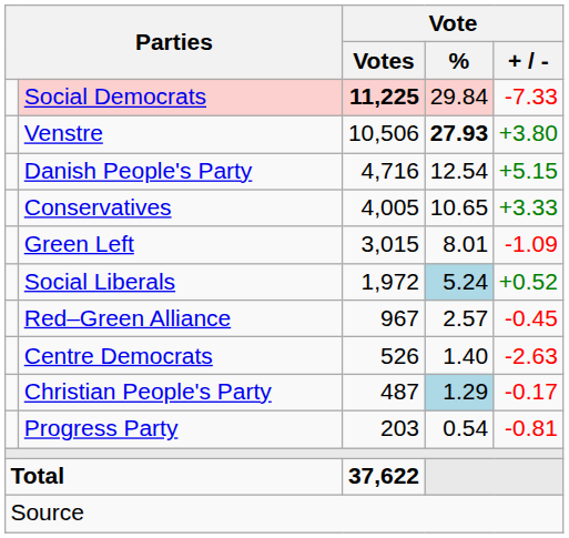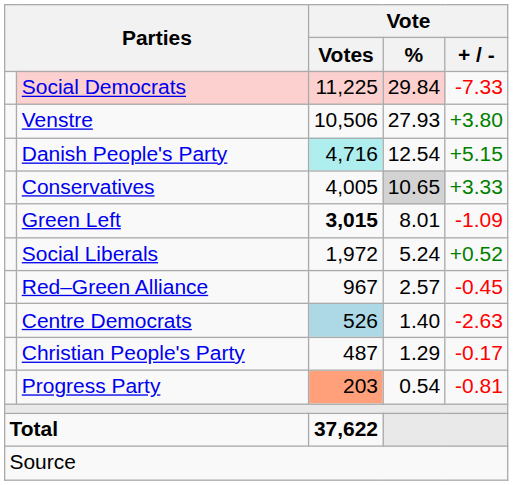 <table class="wikitable" style="text-align:right;">
 <tr>
 <th style="text-align:centre;" rowspan="2" colspan="2" width="225">Parties</th>
 <th colspan="3">Vote</th>
 </tr>
 <tr>
 <th width="15">Votes</th>
 <th width="15">%</th>
 <th width="15">+ / -</th>
 </tr>
 <tr>
 <td width="2" style="color:inherit;background:"></td>
 <td bgcolor=#fbd0ce  align="left"><a href='#'>Social Democrats</a></td>
-<td bgcolor=#fbd0ce><strong>11,225</strong></td>
+<td bgcolor=#fbd0ce>11,225</td>
 <td bgcolor=#fbd0ce>29.84</td>
 <td style=color:red;>-7.33</td>
 </tr>
 <tr>
 <td width="2" style="color:inherit;background:"></td>
 <td align="left"><a href='#'>Venstre</a></td>
 <td>10,506</td>
-<td><strong>27.93</strong></td>
+<td>27.93</td>
 <td style=color:green;>+3.80</td>
 </tr>
 <tr>
 <td width="2" style="color:inherit;background:"></td>
 <td align="left"><a href='#'>Danish People's Party</a></td>
-<td>4,716</td>
+<td style="background: paleturquoise;">4,716</td>
 <td>12.54</td>
 <td style=color:green;>+5.15</td>
 </tr>
 <tr>
 <td width="2" style="color:inherit;background:"></td>
 <td align="left"><a href='#'>Conservatives</a></td>
 <td>4,005</td>
-<td>10.65</td>
+<td style="background: lightgrey;">10.65</td>
 <td style=color:green;>+3.33</td>
 </tr>
 <tr>
 <td width="2" style="color:inherit;background:"></td>
 <td align="left"><a href='#'>Green Left</a></td>
-<td>3,015</td>
+<td><strong>3,015</strong></td>
 <td>8.01</td>
 <td style=color:red;>-1.09</td>
 </tr>
 <tr>
 <td width="2" style="color:inherit;background:"></td>
 <td align="left"><a href='#'>Social Liberals</a></td>
 <td>1,972</td>
-<td style="background: lightblue;">5.24</td>
+<td>5.24</td>
 <td style=color:green;>+0.52</td>
 </tr>
 <tr>
 <td width="2" style="color:inherit;background:"></td>
 <td align="left"><a href='#'>Red–Green Alliance</a></td>
 <td>967</td>
 <td>2.57</td>
 <td style=color:red;>-0.45</td>
 </tr>
 <tr>
 <td width="2" style="color:inherit;background:"></td>
 <td align="left"><a href='#'>Centre Democrats</a></td>
-<td>526</td>
+<td style="background: lightblue;">526</td>
 <td>1.40</td>
 <td style=color:red;>-2.63</td>
 </tr>
 <tr>
 <td width="2" style="color:inherit;background:"></td>
 <td align="left"><a href='#'>Christian People's Party</a></td>
 <td>487</td>
-<td style="background: lightblue;">1.29</td>
+<td>1.29</td>
 <td style=color:red;>-0.17</td>
 </tr>
 <tr>
 <td width="2" style="color:inherit;background:"></td>
 <td align="left"><a href='#'>Progress Party</a></td>
-<td>203</td>
+<td style="background: lightsalmon;">203</td>
 <td>0.54</td>
 <td style=color:red;>-0.81</td>
 </tr>
 <tr>
 <td colspan="7" bgcolor="#E9E9E9"></td>
 </tr>
 <tr>
 <td align="left" colspan="2"><strong>Total</strong></td>
 <td><strong>37,622</strong></td>
 <td bgcolor="#E9E9E9" colspan="2"></td>
 </tr>
 <tr>
 <td align="left" colspan="6">Source</td>
 </tr>
 </table>
